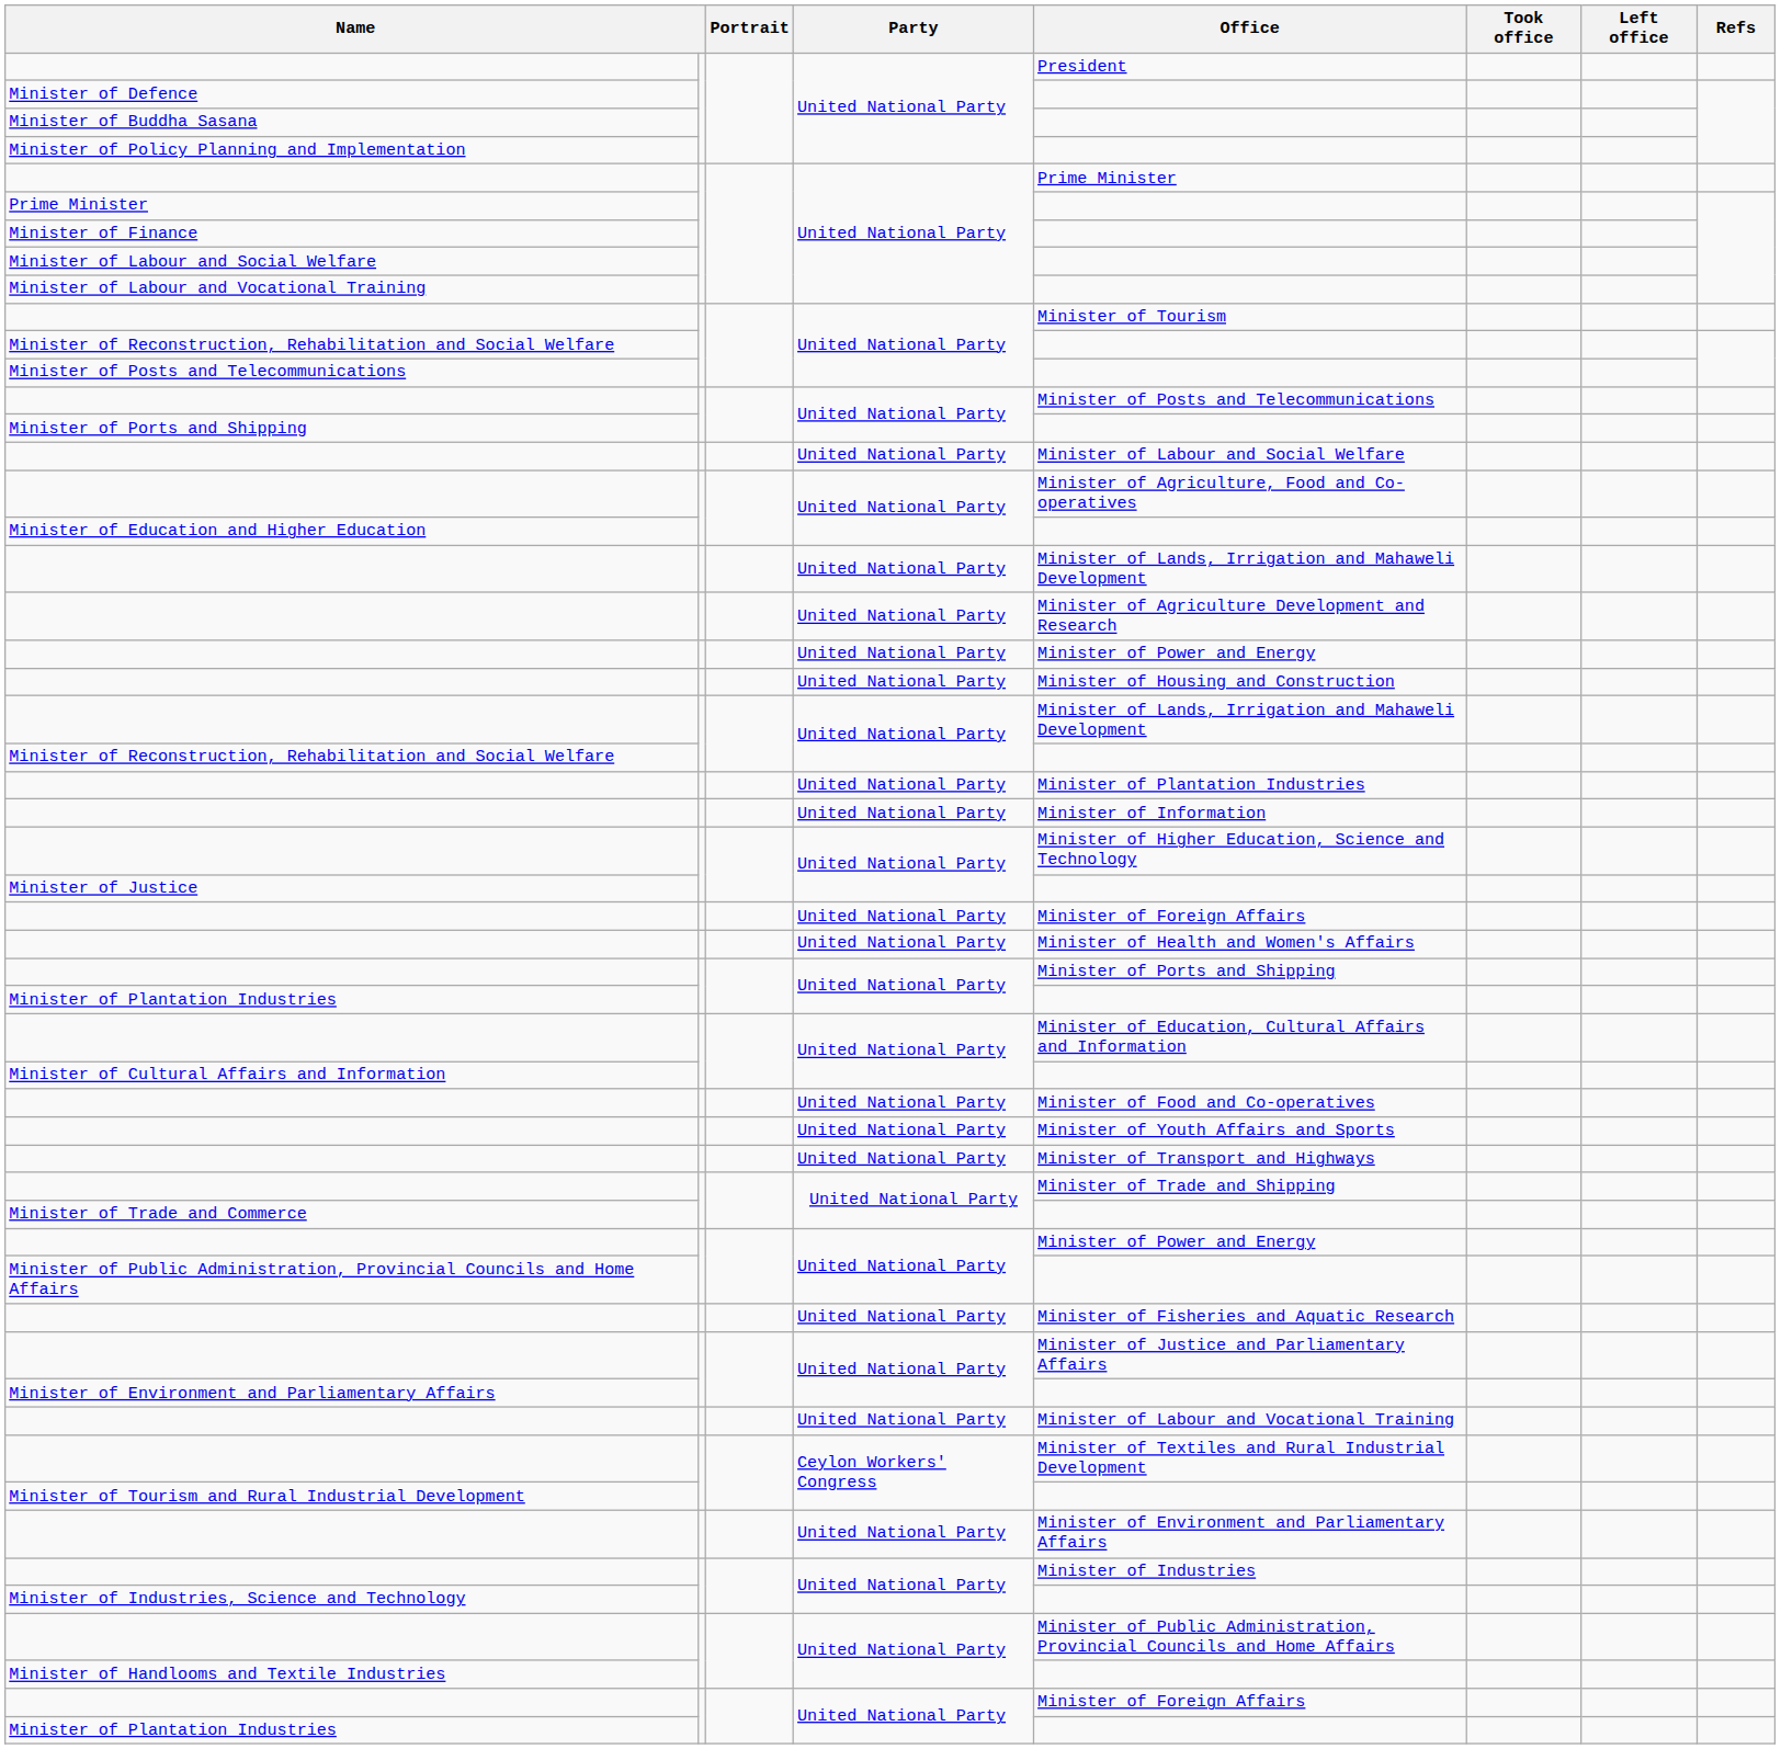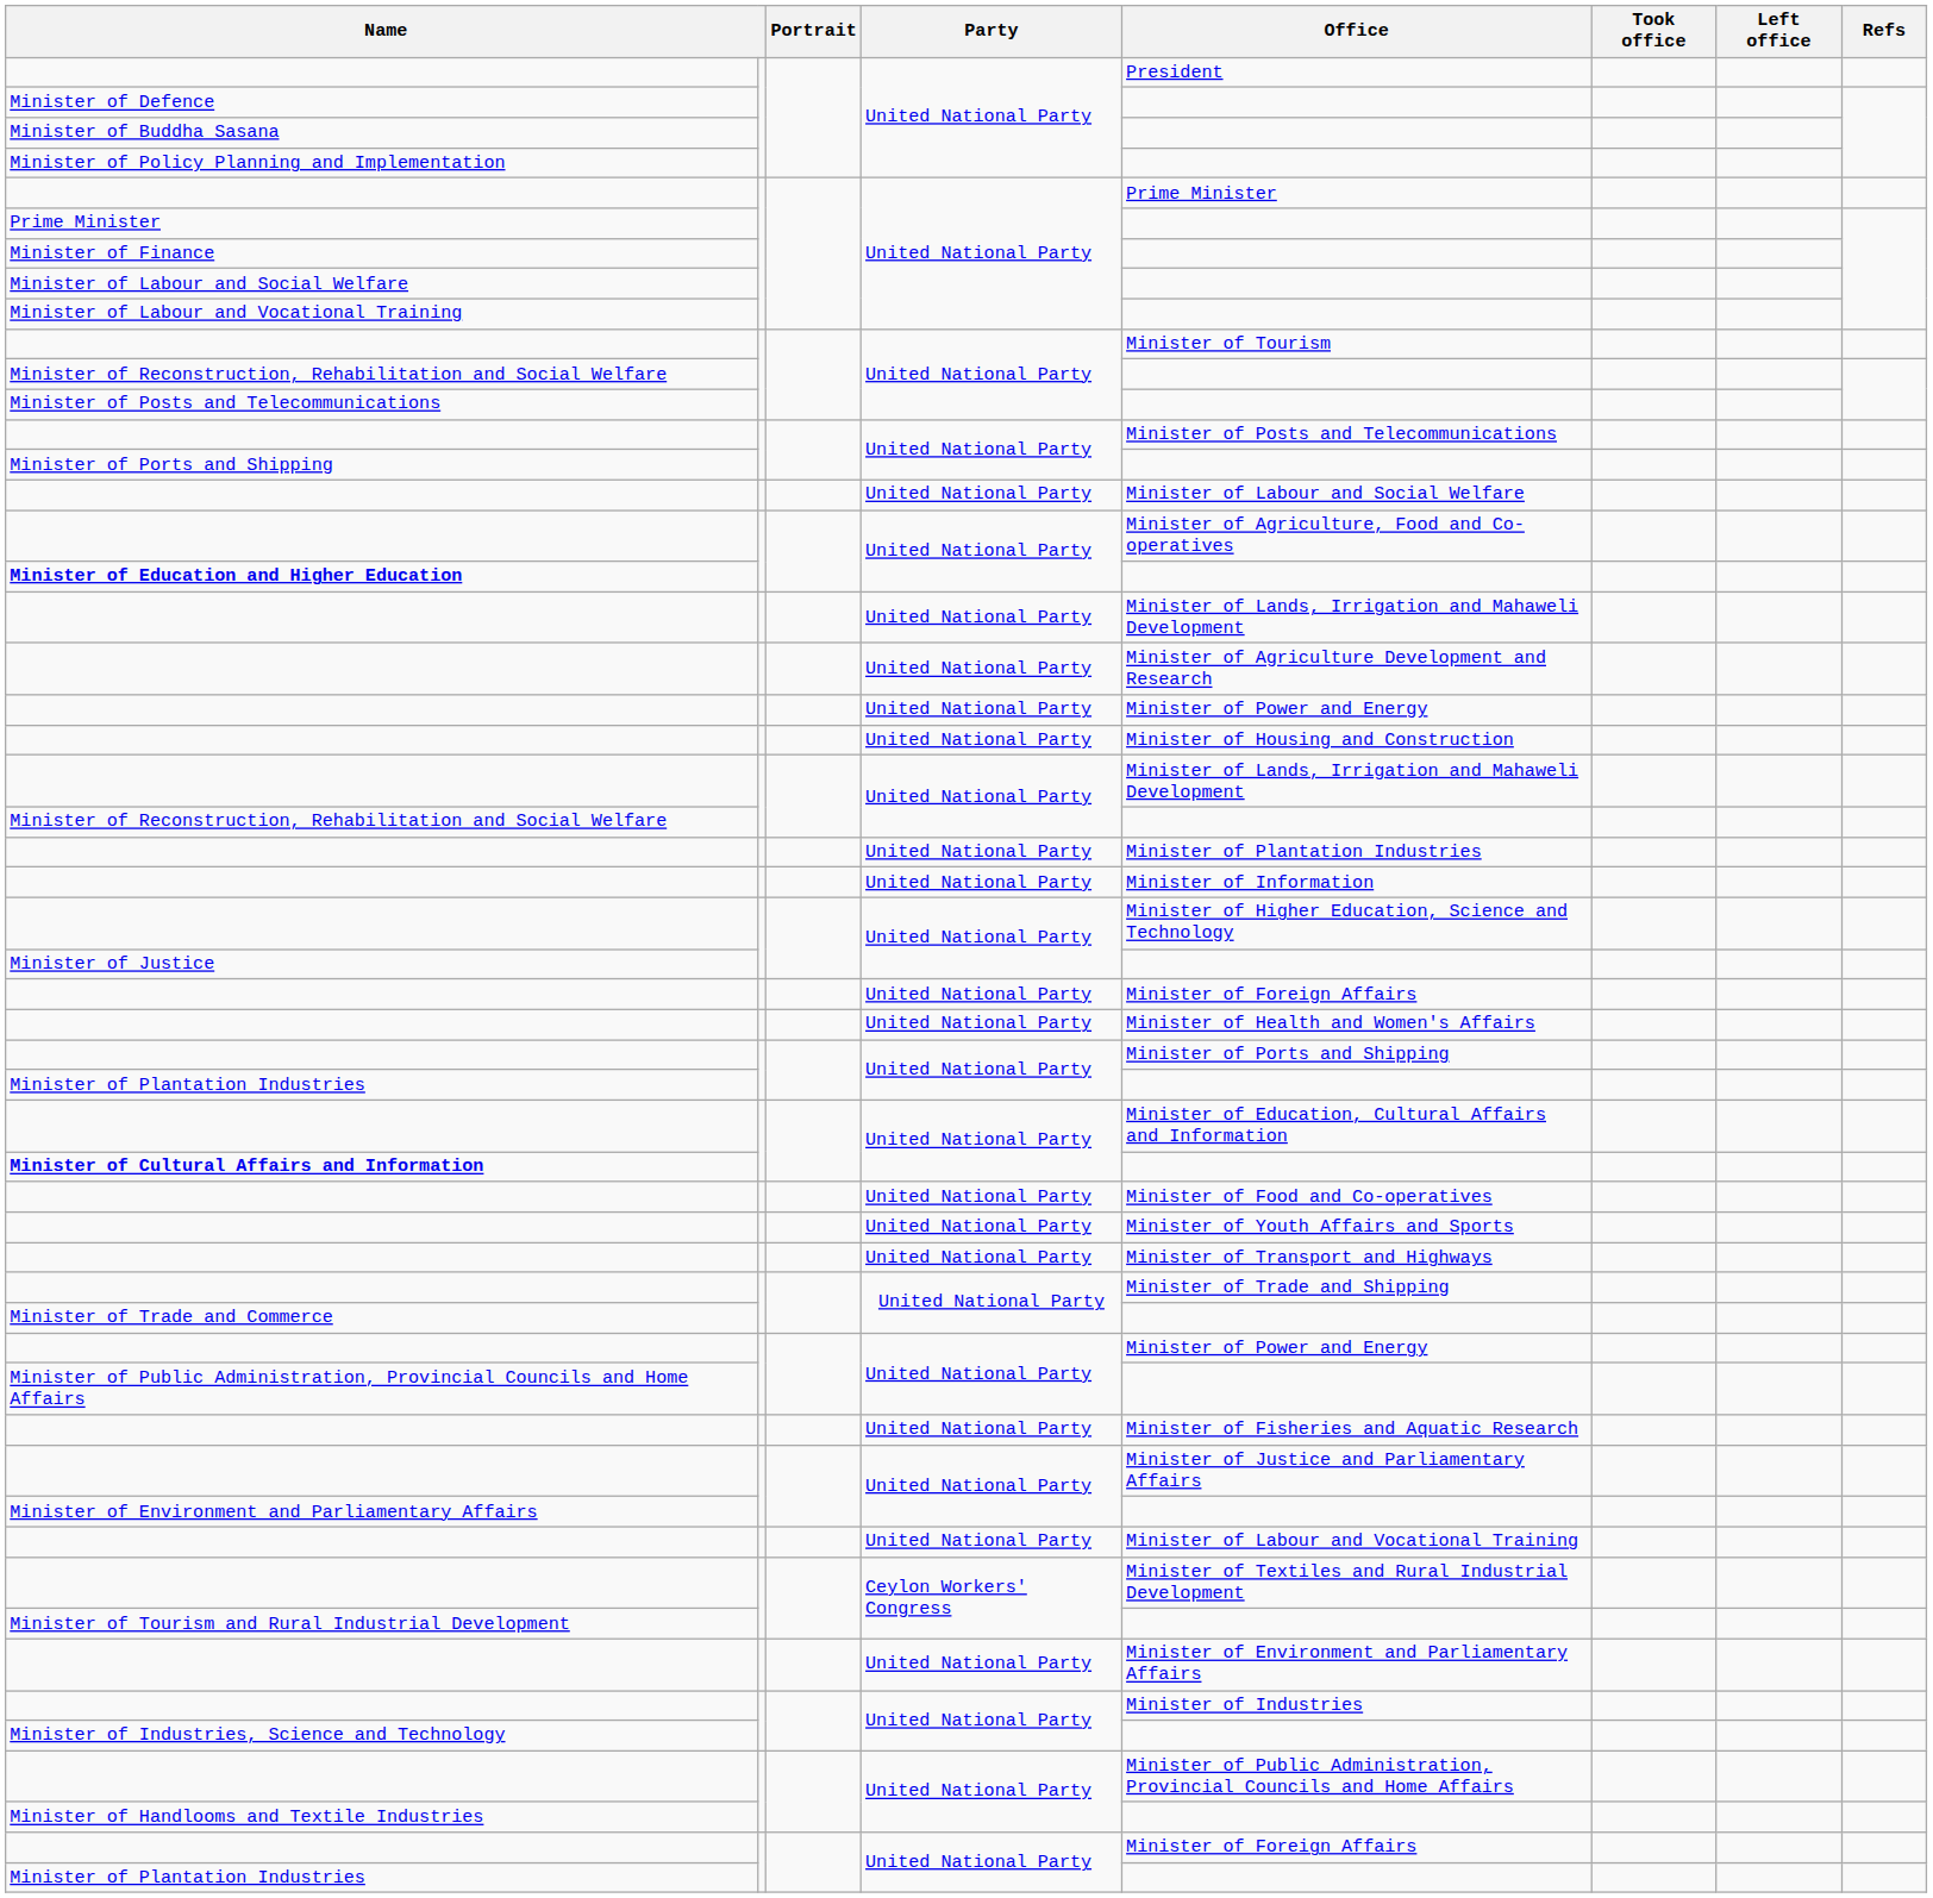 <table class="wikitable plainrowheaders sortable" style="font-size:90%; text-align:left;">
 <tr>
 <th scope=col colspan="2">Name</th>
 <th scope=col class=unsortable>Portrait</th>
 <th scope=col>Party</th>
 <th scope=col width=300px>Office</th>
 <th scope=col>Took office</th>
 <th scope=col>Left office</th>
 <th scope=col width=50px class=unsortable>Refs</th>
 </tr>
 <tr>
 <td !align="center" style="background:"></td>
 <td rowspan=4></td>
 <td align=center rowspan=4></td>
 <td rowspan=4><a href='#'>United National Party</a></td>
 <td><a href='#'>President</a></td>
 <td align=center></td>
 <td align=center></td>
 <td align=center></td>
 </tr>
 <tr>
 <td><a href='#'>Minister of Defence</a></td>
 <td align=center></td>
 <td></td>
 <td align=center></td>
 </tr>
 <tr>
 <td><a href='#'>Minister of Buddha Sasana</a></td>
 <td align=center></td>
 <td></td>
 <td align=center></td>
 </tr>
 <tr>
 <td><a href='#'>Minister of Policy Planning and Implementation</a></td>
 <td align=center></td>
 <td></td>
 <td align=center></td>
 </tr>
 <tr>
 <td !align="center" style="background:"></td>
 <td rowspan=5></td>
 <td align=center rowspan=5></td>
 <td rowspan=5><a href='#'>United National Party</a></td>
 <td><a href='#'>Prime Minister</a></td>
 <td align=center></td>
 <td align=center></td>
 <td align=center></td>
 </tr>
 <tr>
 <td><a href='#'>Prime Minister</a></td>
 <td align=center></td>
 <td align=center></td>
 <td align=center></td>
 </tr>
 <tr>
 <td><a href='#'>Minister of Finance</a></td>
 <td align=center></td>
 <td align=center></td>
 <td align=center></td>
 </tr>
 <tr>
 <td><a href='#'>Minister of Labour and Social Welfare</a></td>
 <td align=center></td>
 <td></td>
 <td align=center></td>
 </tr>
 <tr>
 <td><a href='#'>Minister of Labour and Vocational Training</a></td>
 <td align=center></td>
 <td></td>
 <td align=center></td>
 </tr>
 <tr>
 <td !align="center" style="background:"></td>
 <td rowspan=3></td>
 <td align=center rowspan=3></td>
 <td rowspan=3><a href='#'>United National Party</a></td>
 <td><a href='#'>Minister of Tourism</a></td>
 <td align=center></td>
 <td align=center></td>
 <td align=center></td>
 </tr>
 <tr>
 <td><a href='#'>Minister of Reconstruction, Rehabilitation and Social Welfare</a></td>
 <td align=center></td>
 <td align=center></td>
 <td align=center></td>
 </tr>
 <tr>
 <td><a href='#'>Minister of Posts and Telecommunications</a></td>
 <td align=center></td>
 <td></td>
 <td align=center></td>
 </tr>
 <tr>
 <td !align="center" style="background:"></td>
 <td rowspan=2></td>
 <td align=center rowspan=2></td>
 <td rowspan=2><a href='#'>United National Party</a></td>
 <td><a href='#'>Minister of Posts and Telecommunications</a></td>
 <td align=center></td>
 <td align=center></td>
 <td align=center></td>
 </tr>
 <tr>
 <td><a href='#'>Minister of Ports and Shipping</a></td>
 <td align=center></td>
 <td></td>
 <td align=center></td>
 </tr>
 <tr>
 <td !align="center" style="background:"></td>
 <td></td>
 <td align=center></td>
 <td><a href='#'>United National Party</a></td>
 <td><a href='#'>Minister of Labour and Social Welfare</a></td>
 <td align=center></td>
 <td align=center></td>
 <td align=center></td>
 </tr>
 <tr>
 <td !align="center" style="background:"></td>
 <td rowspan=2></td>
 <td align=center rowspan=2></td>
 <td rowspan=2><a href='#'>United National Party</a></td>
 <td><a href='#'>Minister of Agriculture, Food and Co-operatives</a></td>
 <td align=center></td>
 <td align=center></td>
 <td align=center></td>
 </tr>
 <tr>
-<td><a href='#'>Minister of Education and Higher Education</a></td>
+<td><strong><a href='#'>Minister of Education and Higher Education</a></strong></td>
 <td align=center></td>
 <td></td>
 <td align=center></td>
 </tr>
 <tr>
 <td !align="center" style="background:"></td>
 <td></td>
 <td align=center></td>
 <td><a href='#'>United National Party</a></td>
 <td><a href='#'>Minister of Lands, Irrigation and Mahaweli Development</a></td>
 <td align=center></td>
 <td></td>
 <td align=center></td>
 </tr>
 <tr>
 <td !align="center" style="background:"></td>
 <td></td>
 <td align=center></td>
 <td><a href='#'>United National Party</a></td>
 <td><a href='#'>Minister of Agriculture Development and Research</a></td>
 <td align=center></td>
 <td></td>
 <td align=center></td>
 </tr>
 <tr>
 <td !align="center" style="background:"></td>
 <td></td>
 <td align=center></td>
 <td><a href='#'>United National Party</a></td>
 <td><a href='#'>Minister of Power and Energy</a></td>
 <td align=center></td>
 <td></td>
 <td align=center></td>
 </tr>
 <tr>
 <td !align="center" style="background:"></td>
 <td></td>
 <td align=center></td>
 <td><a href='#'>United National Party</a></td>
 <td><a href='#'>Minister of Housing and Construction</a></td>
 <td align=center></td>
 <td></td>
 <td align=center></td>
 </tr>
 <tr>
 <td !align="center" style="background:"></td>
 <td rowspan=2></td>
 <td align=center rowspan=2></td>
 <td rowspan=2><a href='#'>United National Party</a></td>
 <td><a href='#'>Minister of Lands, Irrigation and Mahaweli Development</a></td>
 <td align=center></td>
 <td align=center></td>
 <td align=center></td>
 </tr>
 <tr>
 <td><a href='#'>Minister of Reconstruction, Rehabilitation and Social Welfare</a></td>
 <td align=center></td>
 <td></td>
 <td align=center></td>
 </tr>
 <tr>
 <td !align="center" style="background:"></td>
 <td></td>
 <td align=center></td>
 <td><a href='#'>United National Party</a></td>
 <td><a href='#'>Minister of Plantation Industries</a></td>
 <td align=center></td>
 <td align=center></td>
 <td align=center></td>
 </tr>
 <tr>
 <td !align="center" style="background:"></td>
 <td></td>
 <td align=center></td>
 <td><a href='#'>United National Party</a></td>
 <td><a href='#'>Minister of Information</a></td>
 <td></td>
 <td></td>
 <td align=center></td>
 </tr>
 <tr>
 <td !align="center" style="background:"></td>
 <td rowspan=2></td>
 <td align=center rowspan=2></td>
 <td rowspan=2><a href='#'>United National Party</a></td>
 <td><a href='#'>Minister of Higher Education, Science and Technology</a></td>
 <td align=center></td>
 <td align=center></td>
 <td align=center></td>
 </tr>
 <tr>
 <td><a href='#'>Minister of Justice</a></td>
 <td align=center></td>
 <td></td>
 <td align=center></td>
 </tr>
 <tr>
 <td !align="center" style="background:"></td>
 <td></td>
 <td align=center></td>
 <td><a href='#'>United National Party</a></td>
 <td><a href='#'>Minister of Foreign Affairs</a></td>
 <td align=center></td>
 <td></td>
 <td align=center></td>
 </tr>
 <tr>
 <td !align="center" style="background:"></td>
 <td></td>
 <td align=center></td>
 <td><a href='#'>United National Party</a></td>
 <td><a href='#'>Minister of Health and Women's Affairs</a></td>
 <td align=center></td>
 <td></td>
 <td align=center></td>
 </tr>
 <tr>
 <td !align="center" style="background:"></td>
 <td rowspan=2></td>
 <td align=center rowspan=2></td>
 <td rowspan=2><a href='#'>United National Party</a></td>
 <td><a href='#'>Minister of Ports and Shipping</a></td>
 <td align=center></td>
 <td align=center></td>
 <td align=center></td>
 </tr>
 <tr>
 <td><a href='#'>Minister of Plantation Industries</a></td>
 <td align=center></td>
 <td></td>
 <td align=center></td>
 </tr>
 <tr>
 <td !align="center" style="background:"></td>
 <td rowspan=2></td>
 <td align=center rowspan=2></td>
 <td rowspan=2><a href='#'>United National Party</a></td>
 <td><a href='#'>Minister of Education, Cultural Affairs and Information</a></td>
 <td align=center></td>
 <td align=center></td>
 <td align=center></td>
 </tr>
 <tr>
-<td><a href='#'>Minister of Cultural Affairs and Information</a></td>
+<td><strong><a href='#'>Minister of Cultural Affairs and Information</a></strong></td>
 <td align=center></td>
 <td></td>
 <td align=center></td>
 </tr>
 <tr>
 <td !align="center" style="background:"></td>
 <td></td>
 <td align=center></td>
 <td><a href='#'>United National Party</a></td>
 <td><a href='#'>Minister of Food and Co-operatives</a></td>
 <td align=center></td>
 <td></td>
 <td align=center></td>
 </tr>
 <tr>
 <td !align="center" style="background:"></td>
 <td></td>
 <td align=center></td>
 <td><a href='#'>United National Party</a></td>
 <td><a href='#'>Minister of Youth Affairs and Sports</a></td>
 <td align=center></td>
 <td></td>
 <td align=center></td>
 </tr>
 <tr>
 <td !align="center" style="background:"></td>
 <td></td>
 <td align=center></td>
 <td><a href='#'>United National Party</a></td>
 <td><a href='#'>Minister of Transport and Highways</a></td>
 <td align=center></td>
 <td></td>
 <td align=center></td>
 </tr>
 <tr>
 <td !align="center" style="background:"></td>
 <td rowspan=2></td>
 <td rowspan=2></td>
 <td align=center rowspan=2><a href='#'>United National Party</a></td>
 <td><a href='#'>Minister of Trade and Shipping</a></td>
 <td align=center></td>
 <td align=center></td>
 <td align=center></td>
 </tr>
 <tr>
 <td><a href='#'>Minister of Trade and Commerce</a></td>
 <td align=center></td>
 <td></td>
 <td align=center></td>
 </tr>
 <tr>
 <td !align="center" style="background:"></td>
 <td rowspan=2></td>
 <td align=center rowspan=2></td>
 <td rowspan=2><a href='#'>United National Party</a></td>
 <td><a href='#'>Minister of Power and Energy</a></td>
 <td align=center></td>
 <td align=center></td>
 <td align=center></td>
 </tr>
 <tr>
 <td><a href='#'>Minister of Public Administration, Provincial Councils and Home Affairs</a></td>
 <td align=center></td>
 <td></td>
 <td align=center></td>
 </tr>
 <tr>
 <td !align="center" style="background:"></td>
 <td></td>
 <td align=center></td>
 <td><a href='#'>United National Party</a></td>
 <td><a href='#'>Minister of Fisheries and Aquatic Research</a></td>
 <td align=center></td>
 <td></td>
 <td align=center></td>
 </tr>
 <tr>
 <td !align="center" style="background:"></td>
 <td rowspan=2></td>
 <td align=center rowspan=2></td>
 <td rowspan=2><a href='#'>United National Party</a></td>
 <td><a href='#'>Minister of Justice and Parliamentary Affairs</a></td>
 <td align=center></td>
 <td align=center></td>
 <td align=center></td>
 </tr>
 <tr>
 <td><a href='#'>Minister of Environment and Parliamentary Affairs</a></td>
 <td align=center></td>
 <td></td>
 <td align=center></td>
 </tr>
 <tr>
 <td !align="center" style="background:"></td>
 <td></td>
 <td align=center></td>
 <td><a href='#'>United National Party</a></td>
 <td><a href='#'>Minister of Labour and Vocational Training</a></td>
 <td align=center></td>
 <td></td>
 <td align=center></td>
 </tr>
 <tr>
 <td !align="center" style="background:"></td>
 <td rowspan=2></td>
 <td align=center rowspan=2></td>
 <td rowspan=2><a href='#'>Ceylon Workers' Congress</a></td>
 <td><a href='#'>Minister of Textiles and Rural Industrial Development</a></td>
 <td align=center></td>
 <td align=center></td>
 <td align=center></td>
 </tr>
 <tr>
 <td><a href='#'>Minister of Tourism and Rural Industrial Development</a></td>
 <td align=center></td>
 <td></td>
 <td align=center></td>
 </tr>
 <tr>
 <td !align="center" style="background:"></td>
 <td></td>
 <td align=center></td>
 <td><a href='#'>United National Party</a></td>
 <td><a href='#'>Minister of Environment and Parliamentary Affairs</a></td>
 <td align=center></td>
 <td></td>
 <td align=center></td>
 </tr>
 <tr>
 <td !align="center" style="background:"></td>
 <td rowspan=2></td>
 <td align=center rowspan=2></td>
 <td rowspan=2><a href='#'>United National Party</a></td>
 <td><a href='#'>Minister of Industries</a></td>
 <td align=center></td>
 <td align=center></td>
 <td align=center></td>
 </tr>
 <tr>
 <td><a href='#'>Minister of Industries, Science and Technology</a></td>
 <td align=center></td>
 <td></td>
 <td align=center></td>
 </tr>
 <tr>
 <td !align="center" style="background:"></td>
 <td rowspan=2></td>
 <td align=center rowspan=2></td>
 <td rowspan=2><a href='#'>United National Party</a></td>
 <td><a href='#'>Minister of Public Administration, Provincial Councils and Home Affairs</a></td>
 <td align=center></td>
 <td align=center></td>
 <td align=center></td>
 </tr>
 <tr>
 <td><a href='#'>Minister of Handlooms and Textile Industries</a></td>
 <td align=center></td>
 <td></td>
 <td align=center></td>
 </tr>
 <tr>
 <td !align="center" style="background:"></td>
 <td rowspan=2></td>
 <td align=center rowspan=2></td>
 <td rowspan=2><a href='#'>United National Party</a></td>
 <td><a href='#'>Minister of Foreign Affairs</a></td>
 <td align=center></td>
 <td align=center></td>
 <td align=center></td>
 </tr>
 <tr>
 <td><a href='#'>Minister of Plantation Industries</a></td>
 <td align=center></td>
 <td align=center></td>
 <td align=center></td>
 </tr>
 </table>
